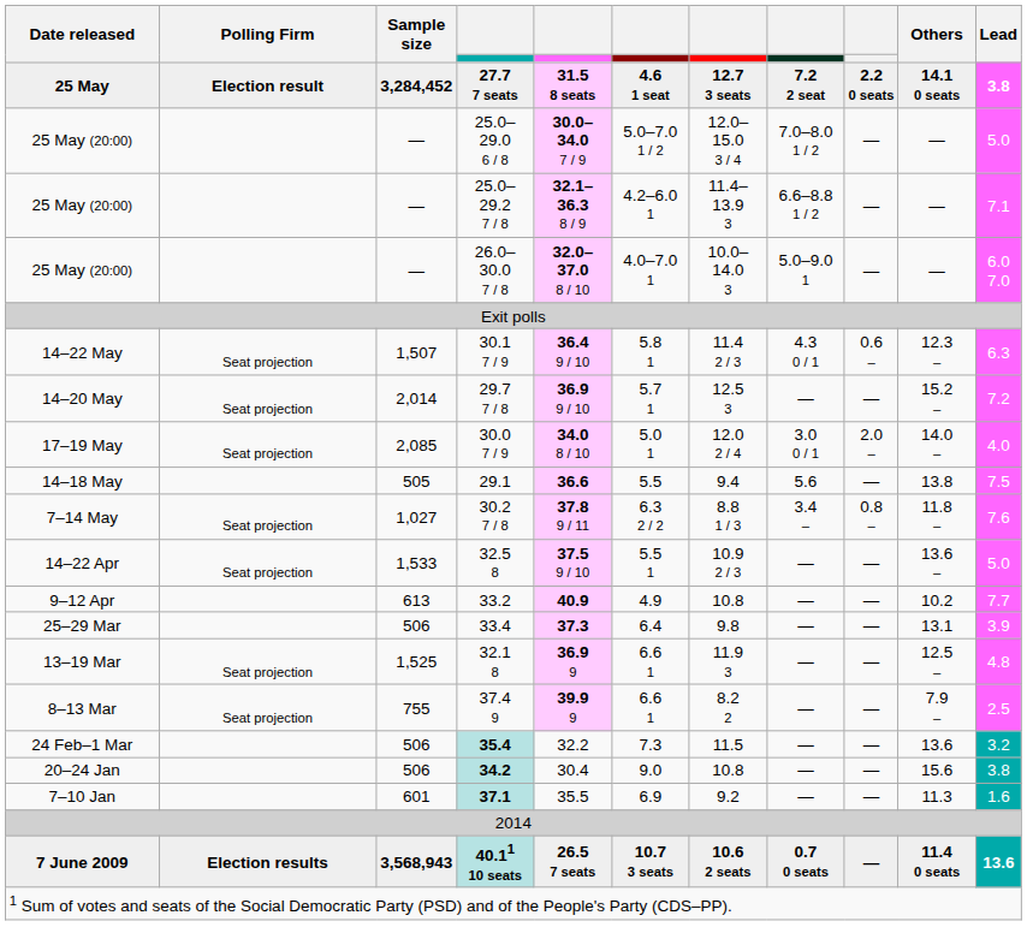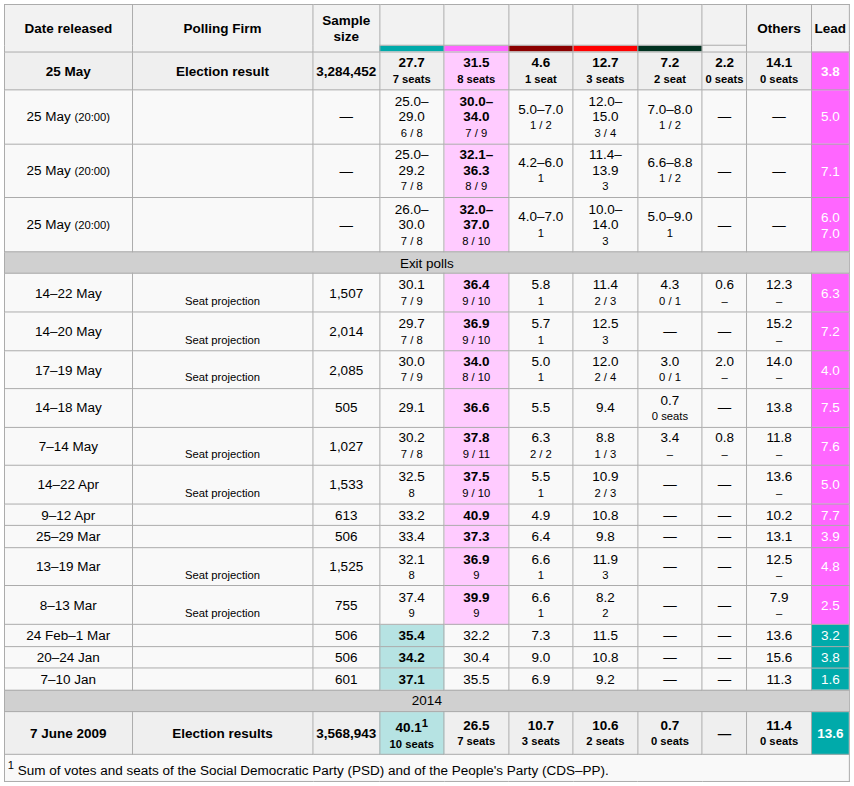 <table class="wikitable" style="text-align:center; font-size:87%; line-height:16px;">
 <tr style="height:42px;">
 <th style="width:125px;" rowspan="2">Date released</th>
 <th style="width:180px;" rowspan="2">Polling Firm</th>
 <th style="width:55px;" rowspan="2">Sample size</th>
 <th></th>
 <th></th>
 <th></th>
 <th></th>
 <th></th>
 <th></th>
 <th style="width:60px;" rowspan="2">Others</th>
 <th style="width:30px;" rowspan="2">Lead</th>
 </tr>
 <tr>
 <th style="background:#00aaaa; width:60px;"></th>
 <th style="background:#FF66FF; width:60px;"></th>
 <th style="background:darkRed; width:60px;"></th>
 <th style="background:red; width:60px;"></th>
 <th style="background:#013220; width:60px;"></th>
 <th style="background:"></th>
 </tr>
 <tr style="background:#EFEFEF; font-weight:bold;">
 <td align="center">25 May</td>
 <td align="center">Election result</td>
 <td align="center">3,284,452</td>
 <td align="center">27.7<br><small>7 seats</small></td>
 <td style="background:#FFCBFF">31.5<br><small>8 seats</small></td>
 <td align="center">4.6<br><small>1 seat</small></td>
 <td align="center">12.7<br><small>3 seats</small></td>
 <td align="center">7.2<br><small>2 seat</small></td>
 <td align="center">2.2<br><small>0 seats</small></td>
 <td align="center">14.1<br><small>0 seats</small></td>
 <td style="background:#FF66FF; color:white">3.8</td>
 </tr>
 <tr>
 <td style="text-align:center;">25 May <small>(20:00)</small></td>
 <td style="text-align:center;"></td>
 <td align="center">—</td>
 <td style="text-align:center;">25.0–29.0<br><small>6 / 8</small></td>
 <td style="background:#FFCBFF"><strong>30.0–34.0</strong><br><small>7 / 9</small></td>
 <td style="text-align:center;">5.0–7.0<br><small>1 / 2 </small></td>
 <td style="text-align:center;">12.0–15.0<br><small>3 / 4 </small></td>
 <td style="text-align:center;">7.0–8.0<br><small>1 / 2</small></td>
 <td style="text-align:center;">—</td>
 <td style="text-align:center;">—</td>
 <td style="background:#FF66FF; color:white">5.0</td>
 </tr>
 <tr>
 <td style="text-align:center;">25 May <small>(20:00)</small></td>
 <td style="text-align:center;"></td>
 <td align="center">—</td>
 <td style="text-align:center;">25.0–29.2<br><small>7 / 8 </small></td>
 <td style="background:#FFCBFF"><strong>32.1–36.3</strong><br><small>8 / 9 </small></td>
 <td style="text-align:center;">4.2–6.0<br><small>1 </small></td>
 <td style="text-align:center;">11.4–13.9<br><small>3 </small></td>
 <td style="text-align:center;">6.6–8.8<br><small>1 / 2 </small></td>
 <td style="text-align:center;">—</td>
 <td style="text-align:center;">—</td>
 <td style="background:#FF66FF; color:white">7.1</td>
 </tr>
 <tr>
 <td style="text-align:center;">25 May <small>(20:00)</small></td>
 <td style="text-align:center;"></td>
 <td align="center">—</td>
 <td style="text-align:center;">26.0–30.0<br><small>7 / 8 </small></td>
 <td style="background:#FFCBFF"><strong>32.0–37.0</strong><br><small>8 / 10 </small></td>
 <td style="text-align:center;">4.0–7.0<br><small>1 </small></td>
 <td style="text-align:center;">10.0–14.0<br><small>3 </small></td>
 <td style="text-align:center;">5.0–9.0<br><small>1 </small></td>
 <td style="text-align:center;">—</td>
 <td style="text-align:center;">—</td>
 <td style="background:#FF66FF; color:white">6.0<br>7.0</td>
 </tr>
 <tr>
 <td colspan="11" style="background:#D0D0D0; color:black">Exit polls</td>
 </tr>
 <tr>
 <td align="center">14–22 May</td>
 <td align="center"><br><small>Seat projection</small></td>
 <td align="center">1,507</td>
 <td align="center">30.1<br><small>7 / 9</small></td>
 <td align="center" style="background:#FFCBFF"><strong>36.4</strong><br><small>9 / 10</small></td>
 <td align="center">5.8<br><small>1</small></td>
 <td align="center">11.4<br><small>2 / 3</small></td>
 <td align="center">4.3<br><small>0 / 1</small></td>
 <td align="center">0.6<br><small>–</small></td>
 <td align="center">12.3<br><small>–</small></td>
 <td style="background:#FF66FF; color:white;">6.3</td>
 </tr>
 <tr>
 <td align="center">14–20 May</td>
 <td align="center"><br><small>Seat projection</small></td>
 <td align="center">2,014</td>
 <td align="center">29.7<br><small>7 / 8</small></td>
 <td align="center" style="background:#FFCBFF"><strong>36.9</strong><br><small>9 / 10</small></td>
 <td align="center">5.7<br><small>1</small></td>
 <td align="center">12.5<br><small>3</small></td>
 <td align="center">—</td>
 <td align="center">—</td>
 <td align="center">15.2<br><small>–</small></td>
 <td style="background:#FF66FF; color:white;">7.2</td>
 </tr>
 <tr>
 <td align="center">17–19 May</td>
 <td align="center"><br><small>Seat projection</small></td>
 <td align="center">2,085</td>
 <td align="center">30.0<br><small>7 / 9</small></td>
 <td align="center" style="background:#FFCBFF"><strong>34.0</strong><br><small>8 / 10</small></td>
 <td align="center">5.0<br><small>1</small></td>
 <td align="center">12.0<br><small>2 / 4</small></td>
 <td align="center">3.0<br><small>0 / 1</small></td>
 <td align="center">2.0<br><small>–</small></td>
 <td align="center">14.0<br><small>–</small></td>
 <td style="background:#FF66FF; color:white;">4.0</td>
 </tr>
 <tr>
 <td align="center">14–18 May</td>
 <td align="center"></td>
 <td align="center">505</td>
 <td align="center">29.1</td>
 <td align="center" style="background:#FFCBFF"><strong>36.6</strong></td>
 <td align="center">5.5</td>
 <td align="center">9.4</td>
-<td align="center">5.6</td>
+<td align="center">0.7<br><small>0 seats</small></td>
 <td align="center">—</td>
 <td align="center">13.8</td>
 <td style="background:#FF66FF; color:white;">7.5</td>
 </tr>
 <tr>
 <td align="center">7–14 May</td>
 <td align="center"><br><small>Seat projection</small></td>
 <td align="center">1,027</td>
 <td align="center">30.2<br><small>7 / 8</small></td>
 <td align="center" style="background:#FFCBFF"><strong>37.8</strong><br><small>9 / 11</small></td>
 <td align="center">6.3<br><small>2 / 2</small></td>
 <td align="center">8.8<br><small>1 / 3</small></td>
 <td align="center">3.4<br><small>–</small></td>
 <td align="center">0.8<br><small>–</small></td>
 <td align="center">11.8<br><small>–</small></td>
 <td style="background:#FF66FF; color:white;">7.6</td>
 </tr>
 <tr>
 <td align="center">14–22 Apr</td>
 <td align="center"><br><small>Seat projection</small></td>
 <td align="center">1,533</td>
 <td align="center">32.5<br><small>8</small></td>
 <td align="center" style="background:#FFCBFF"><strong>37.5</strong><br><small>9 / 10</small></td>
 <td align="center">5.5<br><small>1</small></td>
 <td align="center">10.9<br><small>2 / 3</small></td>
 <td align="center">—</td>
 <td align="center">—</td>
 <td align="center">13.6<br><small>–</small></td>
 <td style="background:#FF66FF; color:white;">5.0</td>
 </tr>
 <tr>
 <td align="center">9–12 Apr</td>
 <td align="center"></td>
 <td align="center">613</td>
 <td align="center">33.2</td>
 <td align="center" style="background:#FFCBFF"><strong>40.9</strong></td>
 <td align="center">4.9</td>
 <td align="center">10.8</td>
 <td align="center">—</td>
 <td align="center">—</td>
 <td align="center">10.2</td>
 <td style="background:#FF66FF; color:white;">7.7</td>
 </tr>
 <tr>
 <td align="center">25–29 Mar</td>
 <td align="center"></td>
 <td align="center">506</td>
 <td align="center">33.4</td>
 <td align="center" style="background:#FFCBFF"><strong>37.3</strong></td>
 <td align="center">6.4</td>
 <td align="center">9.8</td>
 <td align="center">—</td>
 <td align="center">—</td>
 <td align="center">13.1</td>
 <td style="background:#FF66FF; color:white;">3.9</td>
 </tr>
 <tr>
 <td align="center">13–19 Mar</td>
 <td align="center"><br><small>Seat projection</small></td>
 <td align="center">1,525</td>
 <td align="center">32.1<br><small>8</small></td>
 <td align="center" style="background:#FFCBFF"><strong>36.9</strong><br><small>9</small></td>
 <td align="center">6.6<br><small>1</small></td>
 <td align="center">11.9<br><small>3</small></td>
 <td align="center">—</td>
 <td align="center">—</td>
 <td align="center">12.5<br><small>–</small></td>
 <td style="background:#FF66FF; color:white;">4.8</td>
 </tr>
 <tr>
 <td align="center">8–13 Mar</td>
 <td align="center"><br><small>Seat projection</small></td>
 <td align="center">755</td>
 <td align="center">37.4<br><small>9</small></td>
 <td align="center" style="background:#FFCBFF"><strong>39.9</strong><br><small>9</small></td>
 <td align="center">6.6<br><small>1</small></td>
 <td align="center">8.2<br><small>2</small></td>
 <td align="center">—</td>
 <td align="center">—</td>
 <td align="center">7.9<br><small>–</small></td>
 <td style="background:#FF66FF; color:white;">2.5</td>
 </tr>
 <tr>
 <td align="center">24 Feb–1 Mar</td>
 <td align="center"></td>
 <td align="center">506</td>
 <td align="center" style="background:#b6e3e3;"><strong>35.4</strong></td>
 <td align="center">32.2</td>
 <td align="center">7.3</td>
 <td align="center">11.5</td>
 <td align="center">—</td>
 <td align="center">—</td>
 <td align="center">13.6</td>
 <td style="background:#00aaaa; color:white;">3.2</td>
 </tr>
 <tr>
 <td align="center">20–24 Jan</td>
 <td align="center"></td>
 <td align="center">506</td>
 <td align="center" style="background:#b6e3e3;"><strong>34.2</strong></td>
 <td align="center">30.4</td>
 <td align="center">9.0</td>
 <td align="center">10.8</td>
 <td align="center">—</td>
 <td align="center">—</td>
 <td align="center">15.6</td>
 <td style="background:#00aaaa; color:white;">3.8</td>
 </tr>
 <tr>
 <td align="center">7–10 Jan</td>
 <td align="center"></td>
 <td align="center">601</td>
 <td align="center" style="background:#b6e3e3;"><strong>37.1</strong></td>
 <td align="center">35.5</td>
 <td align="center">6.9</td>
 <td align="center">9.2</td>
 <td align="center">—</td>
 <td align="center">—</td>
 <td align="center">11.3</td>
 <td style="background:#00aaaa; color:white;">1.6</td>
 </tr>
 <tr>
 <td colspan="11" style="background:#D0D0D0; color:black">2014</td>
 </tr>
 <tr style="background:#EFEFEF; font-weight:bold;">
 <td align="center">7 June 2009</td>
 <td align="center">Election results</td>
 <td align="center">3,568,943</td>
 <td align="center" style="background:#b6e3e3;">40.1<sup>1</sup><br><small>10 seats</small></td>
 <td align="center">26.5<br><small>7 seats</small></td>
 <td align="center">10.7<br><small>3 seats</small></td>
 <td align="center">10.6<br><small>2 seats</small></td>
 <td align="center">0.7<br><small>0 seats</small></td>
 <td align="center">—</td>
 <td align="center">11.4<br><small>0 seats</small></td>
 <td style="background:#00aaaa; color:white">13.6</td>
 </tr>
 <tr>
 <td colspan=11 align=left><sup>1</sup> Sum of votes and seats of the Social Democratic Party (PSD) and of the People's Party (CDS–PP).</td>
 </tr>
 </table>
